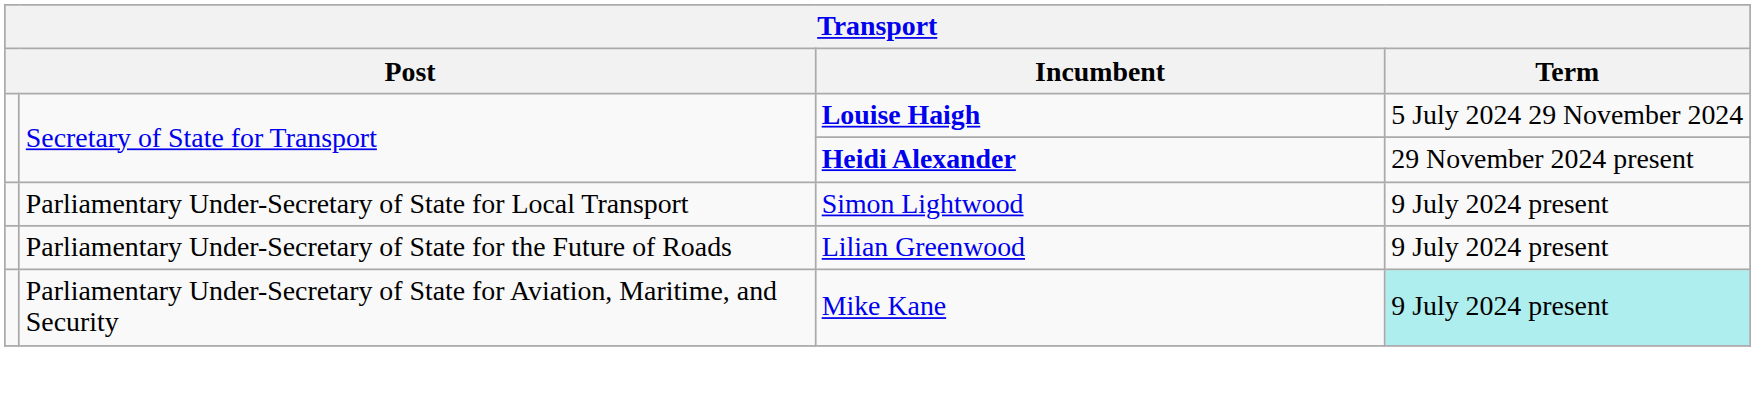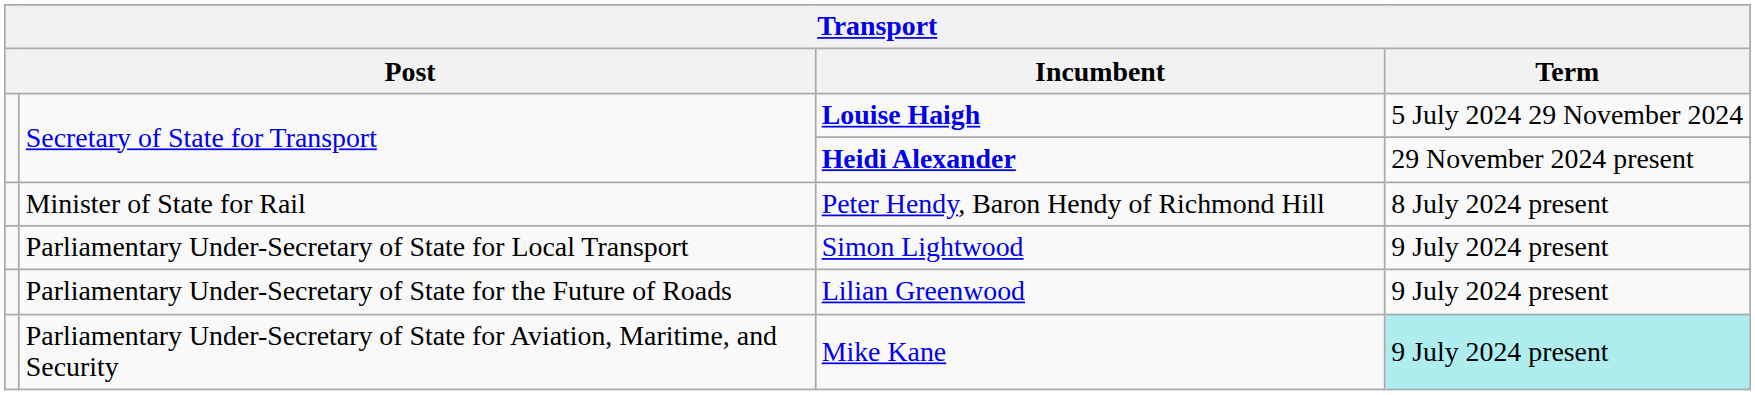 <table class="wikitable">
 <tr>
 <th colspan="4"><a href='#'>Transport</a></th>
 </tr>
 <tr>
 <th colspan="2">Post</th>
 <th>Incumbent</th>
 <th>Term</th>
 </tr>
 <tr>
 <td rowspan="2" style="width: 1px; background: "></td>
 <td rowspan="2"  style="width: 450px;"><a href='#'>Secretary of State for Transport</a></td>
 <td style="width: 320px;"><strong><a href='#'>Louise Haigh</a></strong></td>
 <td>5 July 2024 29 November 2024</td>
 </tr>
 <tr>
 <td style="width: 320px;"><strong><a href='#'>Heidi Alexander</a></strong></td>
 <td>29 November 2024 present</td>
 </tr>
 <tr>
 <td style="width: 1px; background: "></td>
+<td>Minister of State for Rail</td>
+<td><a href='#'>Peter Hendy</a>, Baron Hendy of Richmond Hill </td>
+<td>8 July 2024 present</td>
+</tr>
+<tr>
+<td style="width: 1px; background: "></td>
 <td>Parliamentary Under-Secretary of State for Local Transport</td>
 <td><a href='#'>Simon Lightwood</a></td>
 <td>9 July 2024 present</td>
 </tr>
 <tr>
 <td style="width: 1px; background: "></td>
 <td>Parliamentary Under-Secretary of State for the Future of Roads</td>
 <td><a href='#'>Lilian Greenwood</a></td>
 <td>9 July 2024 present</td>
 </tr>
 <tr>
 <td style="width: 1px; background: "></td>
 <td>Parliamentary Under-Secretary of State for Aviation, Maritime, and Security</td>
 <td><a href='#'>Mike Kane</a></td>
 <td style="background: paleturquoise;">9 July 2024 present</td>
 </tr>
 </table>
